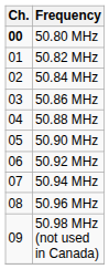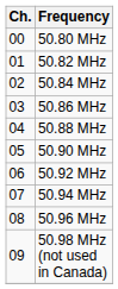 <table class="wikitable" style="float: right;">
 <tr>
 <th>Ch.</th>
 <th>Frequency</th>
 </tr>
 <tr>
-<td><strong>00</strong></td>
+<td>00</td>
 <td>50.80 MHz</td>
 </tr>
 <tr>
 <td>01</td>
 <td>50.82 MHz</td>
 </tr>
 <tr>
 <td>02</td>
 <td>50.84 MHz</td>
 </tr>
 <tr>
 <td>03</td>
 <td>50.86 MHz</td>
 </tr>
 <tr>
 <td>04</td>
 <td>50.88 MHz</td>
 </tr>
 <tr>
 <td>05</td>
 <td>50.90 MHz</td>
 </tr>
 <tr>
 <td>06</td>
 <td>50.92 MHz</td>
 </tr>
 <tr>
 <td>07</td>
 <td>50.94 MHz</td>
 </tr>
 <tr>
 <td>08</td>
 <td>50.96 MHz</td>
 </tr>
 <tr>
 <td>09</td>
 <td>50.98 MHz<br>(not used<br>in Canada)</td>
 </tr>
 <tr>
 </tr>
 </table>
